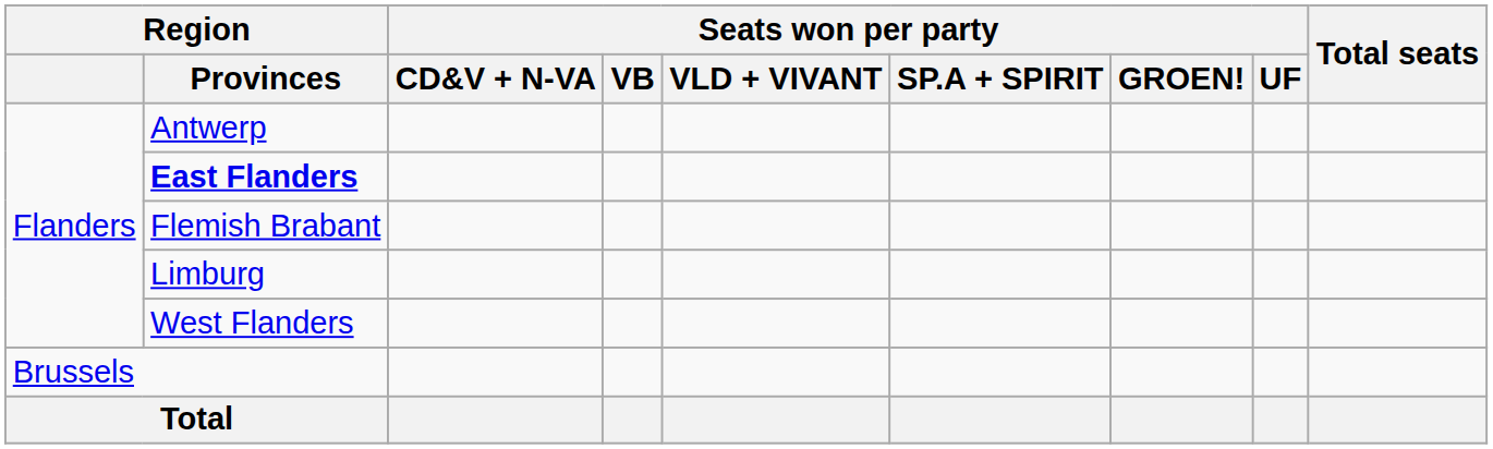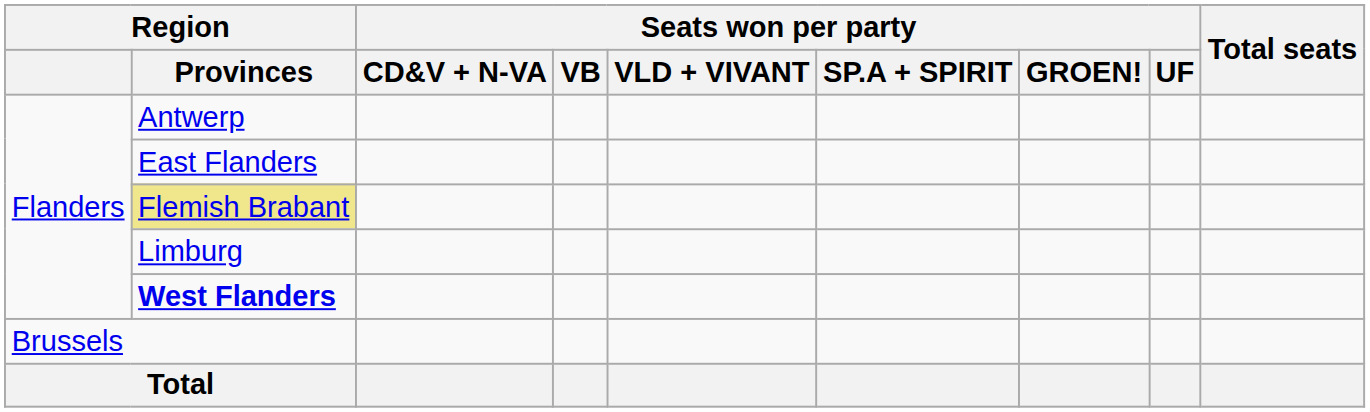 <table class=wikitable style="text-align:center; font-size:93%">
 <tr>
 <th colspan=2>Region</th>
 <th colspan=6>Seats won per party</th>
 <th rowspan=2>Total seats</th>
 </tr>
 <tr>
 <th></th>
 <th>Provinces</th>
 <th>CD&V + N-VA</th>
 <th>VB</th>
 <th>VLD + VIVANT</th>
 <th>SP.A + SPIRIT</th>
 <th>GROEN!</th>
 <th>UF</th>
 </tr>
 <tr>
 <td align=left rowspan=5><a href='#'>Flanders</a></td>
 <td align=left><a href='#'>Antwerp</a></td>
 <td></td>
 <td></td>
 <td></td>
 <td></td>
 <td></td>
 <td></td>
 <td></td>
 </tr>
 <tr>
-<td align=left><strong><a href='#'>East Flanders</a></strong></td>
+<td align=left><a href='#'>East Flanders</a></td>
 <td></td>
 <td></td>
 <td></td>
 <td></td>
 <td></td>
 <td></td>
 <td></td>
 </tr>
 <tr>
-<td align=left><a href='#'>Flemish Brabant</a></td>
+<td align=left style="background: khaki;"><a href='#'>Flemish Brabant</a></td>
 <td></td>
 <td></td>
 <td></td>
 <td></td>
 <td></td>
 <td></td>
 <td></td>
 </tr>
 <tr>
 <td align=left><a href='#'>Limburg</a></td>
 <td></td>
 <td></td>
 <td></td>
 <td></td>
 <td></td>
 <td></td>
 <td></td>
 </tr>
 <tr>
-<td align=left><a href='#'>West Flanders</a></td>
+<td align=left><strong><a href='#'>West Flanders</a></strong></td>
 <td></td>
 <td></td>
 <td></td>
 <td></td>
 <td></td>
 <td></td>
 <td></td>
 </tr>
 <tr>
 <td align=left colspan=2><a href='#'>Brussels</a></td>
 <td></td>
 <td></td>
 <td></td>
 <td></td>
 <td></td>
 <td></td>
 <td></td>
 </tr>
 <tr>
 <th colspan=2>Total</th>
 <th></th>
 <th></th>
 <th></th>
 <th></th>
 <th></th>
 <th></th>
 <th></th>
 </tr>
 </table>
